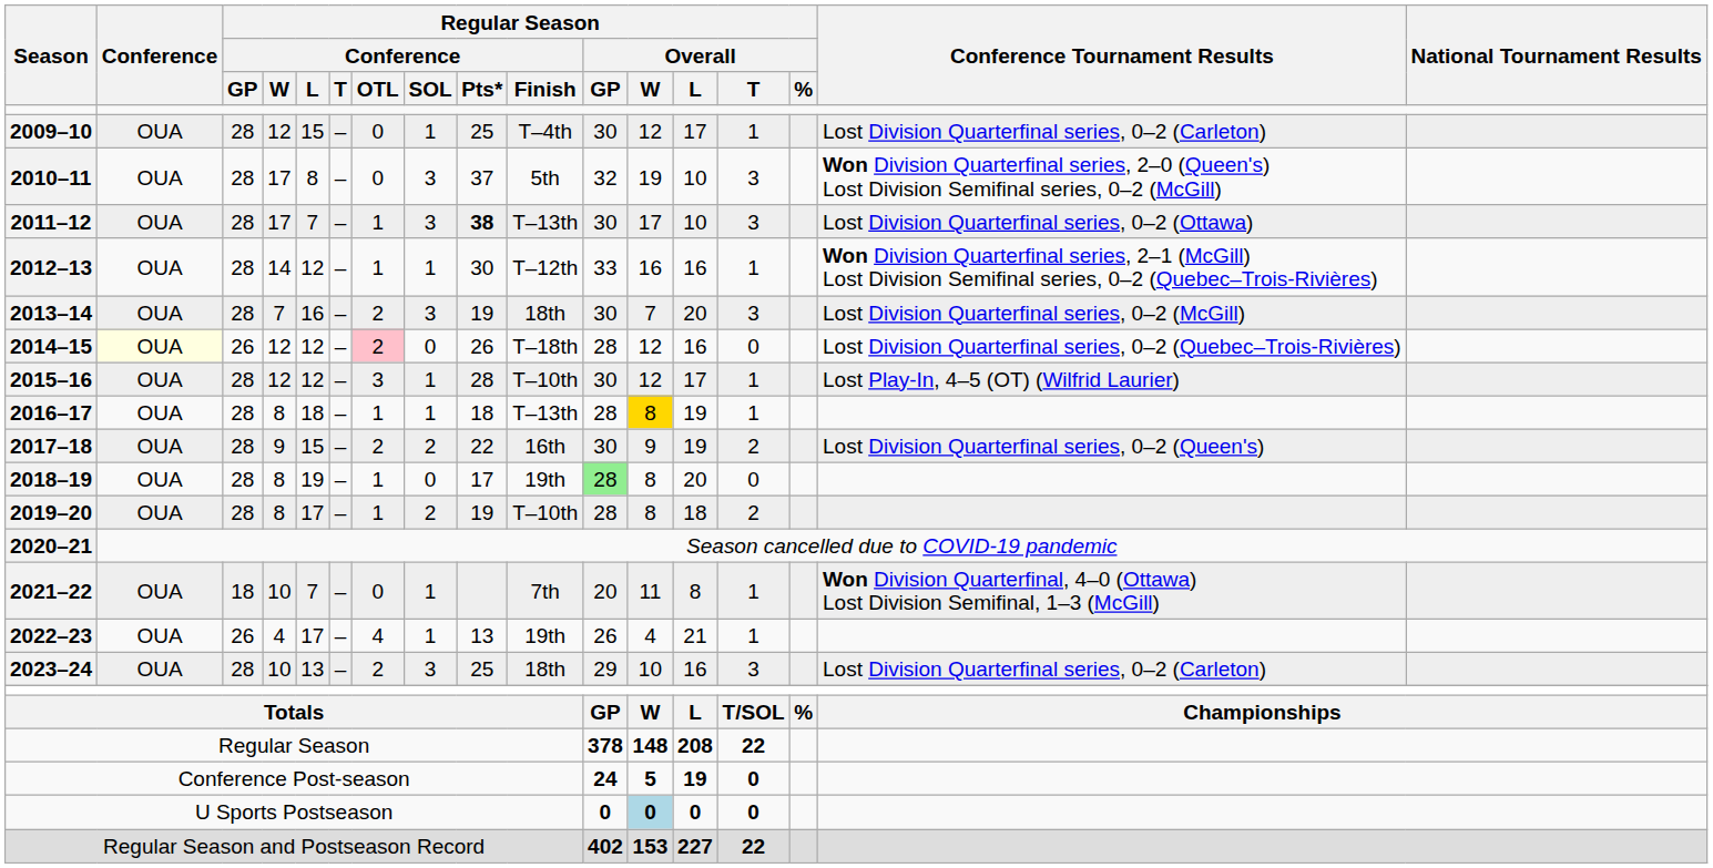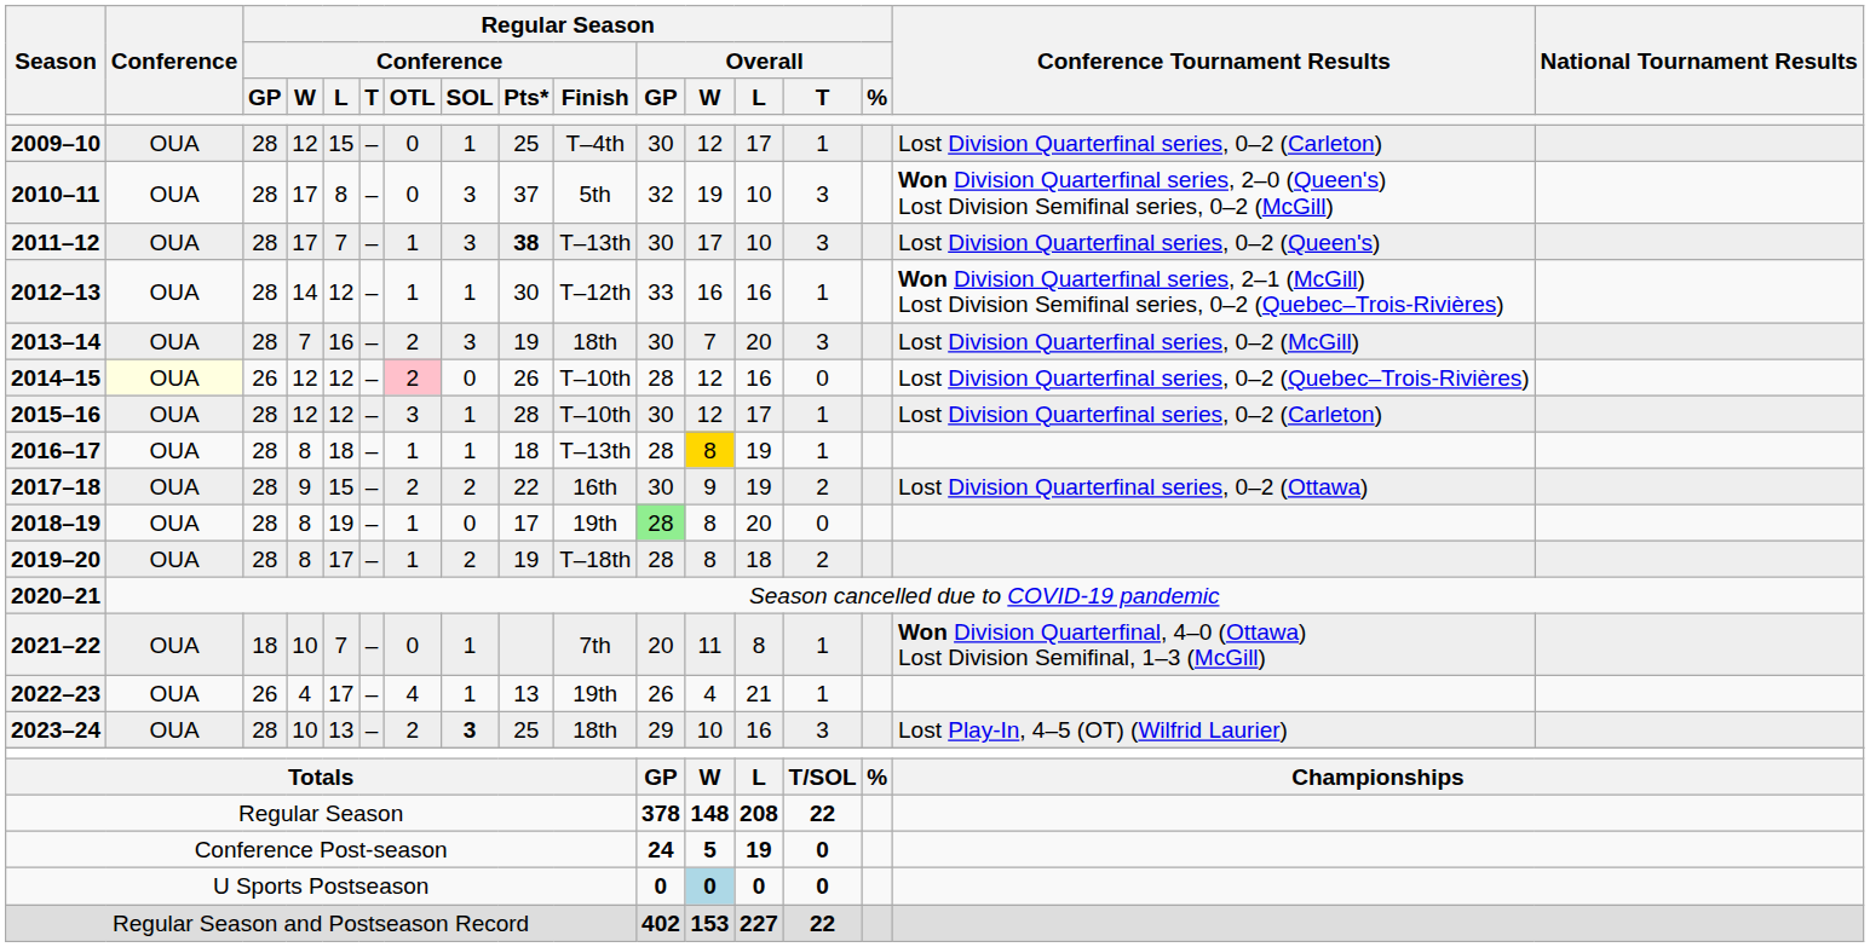 <table class="wikitable" style="text-align: center; font-size: 95%">
 <tr>
 <th rowspan="3">Season</th>
 <th rowspan="3">Conference</th>
 <th colspan="13">Regular Season</th>
 <th rowspan="3">Conference Tournament Results</th>
 <th rowspan="3">National Tournament Results</th>
 </tr>
 <tr>
 <th colspan="8">Conference</th>
 <th colspan="5">Overall</th>
 </tr>
 <tr>
 <th>GP</th>
 <th>W</th>
 <th>L</th>
 <th>T</th>
 <th>OTL</th>
 <th>SOL</th>
 <th>Pts*</th>
 <th>Finish</th>
 <th>GP</th>
 <th>W</th>
 <th>L</th>
 <th>T</th>
 <th>%</th>
 </tr>
 <tr>
 <td><strong><a href='#'></a> </strong></td>
 </tr>
 <tr bgcolor=eeeeee>
 <th>2009–10</th>
 <td>OUA</td>
 <td>28</td>
 <td>12</td>
 <td>15</td>
 <td>–</td>
 <td>0</td>
 <td>1</td>
 <td>25</td>
 <td>T–4th</td>
 <td>30</td>
 <td>12</td>
 <td>17</td>
 <td>1</td>
 <td></td>
 <td align="left">Lost <a href='#'>Division Quarterfinal series</a>, 0–2 (<a href='#'>Carleton</a>)</td>
 <td align="left"></td>
 </tr>
 <tr>
 <th>2010–11</th>
 <td>OUA</td>
 <td>28</td>
 <td>17</td>
 <td>8</td>
 <td>–</td>
 <td>0</td>
 <td>3</td>
 <td>37</td>
 <td>5th</td>
 <td>32</td>
 <td>19</td>
 <td>10</td>
 <td>3</td>
 <td></td>
 <td align="left"><strong>Won</strong> <a href='#'>Division Quarterfinal series</a>, 2–0 (<a href='#'>Queen's</a>)<br>Lost Division Semifinal series, 0–2 (<a href='#'>McGill</a>)</td>
 <td align="left"></td>
 </tr>
 <tr bgcolor=eeeeee>
 <th>2011–12</th>
 <td>OUA</td>
 <td>28</td>
 <td>17</td>
 <td>7</td>
 <td>–</td>
 <td>1</td>
 <td>3</td>
 <td><strong>38</strong></td>
 <td>T–13th</td>
 <td>30</td>
 <td>17</td>
 <td>10</td>
 <td>3</td>
 <td></td>
-<td align="left">Lost <a href='#'>Division Quarterfinal series</a>, 0–2 (<a href='#'>Ottawa</a>)</td>
+<td align="left">Lost <a href='#'>Division Quarterfinal series</a>, 0–2 (<a href='#'>Queen's</a>)</td>
 <td align="left"></td>
 </tr>
 <tr>
 <th>2012–13</th>
 <td>OUA</td>
 <td>28</td>
 <td>14</td>
 <td>12</td>
 <td>–</td>
 <td>1</td>
 <td>1</td>
 <td>30</td>
 <td>T–12th</td>
 <td>33</td>
 <td>16</td>
 <td>16</td>
 <td>1</td>
 <td></td>
 <td align="left"><strong>Won</strong> <a href='#'>Division Quarterfinal series</a>, 2–1 (<a href='#'>McGill</a>)<br>Lost Division Semifinal series, 0–2 (<a href='#'>Quebec–Trois-Rivières</a>)</td>
 <td align="left"></td>
 </tr>
 <tr bgcolor=eeeeee>
 <th>2013–14</th>
 <td>OUA</td>
 <td>28</td>
 <td>7</td>
 <td>16</td>
 <td>–</td>
 <td>2</td>
 <td>3</td>
 <td>19</td>
 <td>18th</td>
 <td>30</td>
 <td>7</td>
 <td>20</td>
 <td>3</td>
 <td></td>
 <td align="left">Lost <a href='#'>Division Quarterfinal series</a>, 0–2 (<a href='#'>McGill</a>)</td>
 <td align="left"></td>
 </tr>
 <tr>
 <th>2014–15</th>
 <td style="background: lightyellow;">OUA</td>
 <td>26</td>
 <td>12</td>
 <td>12</td>
 <td>–</td>
 <td style="background: pink;">2</td>
 <td>0</td>
 <td>26</td>
-<td>T–18th</td>
+<td>T–10th</td>
 <td>28</td>
 <td>12</td>
 <td>16</td>
 <td>0</td>
 <td></td>
 <td align="left">Lost <a href='#'>Division Quarterfinal series</a>, 0–2 (<a href='#'>Quebec–Trois-Rivières</a>)</td>
 <td align="left"></td>
 </tr>
 <tr bgcolor=eeeeee>
 <th>2015–16</th>
 <td>OUA</td>
 <td>28</td>
 <td>12</td>
 <td>12</td>
 <td>–</td>
 <td>3</td>
 <td>1</td>
 <td>28</td>
 <td>T–10th</td>
 <td>30</td>
 <td>12</td>
 <td>17</td>
 <td>1</td>
 <td></td>
-<td align="left">Lost <a href='#'>Play-In</a>, 4–5 (OT) (<a href='#'>Wilfrid Laurier</a>)</td>
+<td align="left">Lost <a href='#'>Division Quarterfinal series</a>, 0–2 (<a href='#'>Carleton</a>)</td>
 <td align="left"></td>
 </tr>
 <tr>
 <th>2016–17</th>
 <td>OUA</td>
 <td>28</td>
 <td>8</td>
 <td>18</td>
 <td>–</td>
 <td>1</td>
 <td>1</td>
 <td>18</td>
 <td>T–13th</td>
 <td>28</td>
 <td style="background: gold;">8</td>
 <td>19</td>
 <td>1</td>
 <td></td>
 <td align="left"></td>
 <td align="left"></td>
 </tr>
 <tr bgcolor=eeeeee>
 <th>2017–18</th>
 <td>OUA</td>
 <td>28</td>
 <td>9</td>
 <td>15</td>
 <td>–</td>
 <td>2</td>
 <td>2</td>
 <td>22</td>
 <td>16th</td>
 <td>30</td>
 <td>9</td>
 <td>19</td>
 <td>2</td>
 <td></td>
-<td align="left">Lost <a href='#'>Division Quarterfinal series</a>, 0–2 (<a href='#'>Queen's</a>)</td>
+<td align="left">Lost <a href='#'>Division Quarterfinal series</a>, 0–2 (<a href='#'>Ottawa</a>)</td>
 <td align="left"></td>
 </tr>
 <tr>
 <th>2018–19</th>
 <td>OUA</td>
 <td>28</td>
 <td>8</td>
 <td>19</td>
 <td>–</td>
 <td>1</td>
 <td>0</td>
 <td>17</td>
 <td>19th</td>
 <td style="background: lightgreen;">28</td>
 <td>8</td>
 <td>20</td>
 <td>0</td>
 <td></td>
 <td align="left"></td>
 <td align="left"></td>
 </tr>
 <tr bgcolor=eeeeee>
 <th>2019–20</th>
 <td>OUA</td>
 <td>28</td>
 <td>8</td>
 <td>17</td>
 <td>–</td>
 <td>1</td>
 <td>2</td>
 <td>19</td>
-<td>T–10th</td>
+<td>T–18th</td>
 <td>28</td>
 <td>8</td>
 <td>18</td>
 <td>2</td>
 <td></td>
 <td align="left"></td>
 <td align="left"></td>
 </tr>
 <tr>
 <th>2020–21</th>
 <td colspan=17><em>Season cancelled due to <a href='#'>COVID-19 pandemic</a></em></td>
 </tr>
 <tr bgcolor=eeeeee>
 <th>2021–22</th>
 <td>OUA</td>
 <td>18</td>
 <td>10</td>
 <td>7</td>
 <td>–</td>
 <td>0</td>
 <td>1</td>
 <td></td>
 <td>7th</td>
 <td>20</td>
 <td>11</td>
 <td>8</td>
 <td>1</td>
 <td></td>
 <td align="left"><strong>Won</strong> <a href='#'>Division Quarterfinal</a>, 4–0 (<a href='#'>Ottawa</a>)<br>Lost Division Semifinal, 1–3 (<a href='#'>McGill</a>)</td>
 <td align="left"></td>
 </tr>
 <tr>
 <th>2022–23</th>
 <td>OUA</td>
 <td>26</td>
 <td>4</td>
 <td>17</td>
 <td>–</td>
 <td>4</td>
 <td>1</td>
 <td>13</td>
 <td>19th</td>
 <td>26</td>
 <td>4</td>
 <td>21</td>
 <td>1</td>
 <td></td>
 <td align="left"></td>
 <td align="left"></td>
 </tr>
 <tr bgcolor=eeeeee>
 <th>2023–24</th>
 <td>OUA</td>
 <td>28</td>
 <td>10</td>
 <td>13</td>
 <td>–</td>
 <td>2</td>
-<td>3</td>
+<td><strong>3</strong></td>
 <td>25</td>
 <td>18th</td>
 <td>29</td>
 <td>10</td>
 <td>16</td>
 <td>3</td>
 <td></td>
-<td align="left">Lost <a href='#'>Division Quarterfinal series</a>, 0–2 (<a href='#'>Carleton</a>)</td>
+<td align="left">Lost <a href='#'>Play-In</a>, 4–5 (OT) (<a href='#'>Wilfrid Laurier</a>)</td>
 <td align="left"></td>
 </tr>
 <tr>
 </tr>
 <tr ->
 </tr>
 <tr>
 <td colspan="17" style="background:#fff;"></td>
 </tr>
 <tr>
 <th colspan="10">Totals</th>
 <th>GP</th>
 <th>W</th>
 <th>L</th>
 <th>T/SOL</th>
 <th>%</th>
 <th colspan="2">Championships</th>
 </tr>
 <tr>
 <td colspan="10">Regular Season</td>
 <td><strong>378</strong></td>
 <td><strong>148</strong></td>
 <td><strong>208</strong></td>
 <td><strong>22</strong></td>
 <td><strong></strong></td>
 <td colspan="2" align="left"></td>
 </tr>
 <tr>
 <td colspan="10">Conference Post-season</td>
 <td><strong>24</strong></td>
 <td><strong>5</strong></td>
 <td><strong>19</strong></td>
 <td><strong>0</strong></td>
 <td><strong></strong></td>
 <td colspan="2" align="left"></td>
 </tr>
 <tr>
 <td colspan="10">U Sports Postseason</td>
 <td><strong>0</strong></td>
 <td style="background: lightblue;"><strong>0</strong></td>
 <td><strong>0</strong></td>
 <td><strong>0</strong></td>
 <td><strong></strong></td>
 <td colspan="2" align="left"></td>
 </tr>
 <tr bgcolor=dddddd>
 <td colspan="10">Regular Season and Postseason Record</td>
 <td><strong>402</strong></td>
 <td><strong>153</strong></td>
 <td><strong>227</strong></td>
 <td><strong>22</strong></td>
 <td><strong></strong></td>
 <td colspan="2" align="left"></td>
 </tr>
 </table>
